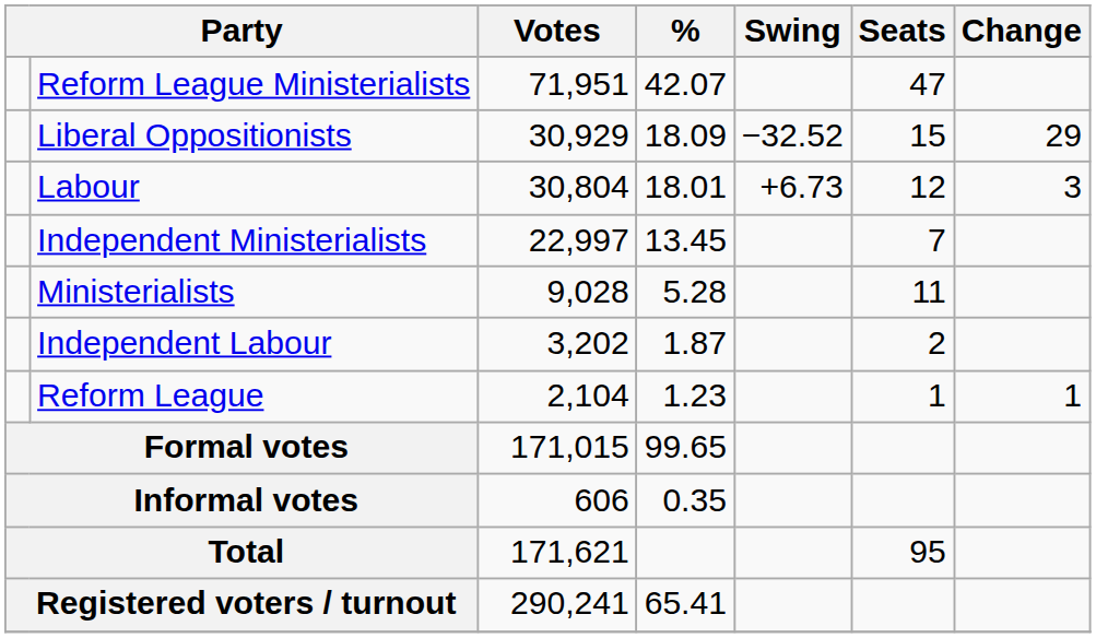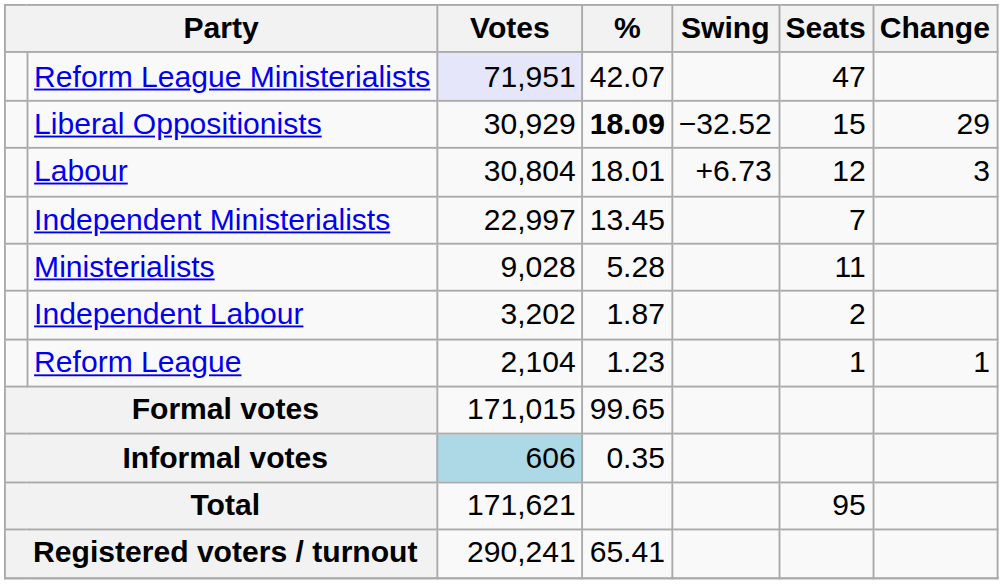 <table class="wikitable" style="text-align:right; margin-bottom:0">
 <tr>
 <th style="width:10px;" colspan=3>Party</th>
 <th style="width:70px;">Votes</th>
 <th style="width:40px;">%</th>
 <th style="width:40px;">Swing</th>
 <th style="width:40px;">Seats</th>
 <th style="width:40px;">Change</th>
 </tr>
 <tr>
 <td> </td>
 <td style="text-align:left;" colspan="2"><a href='#'>Reform League Ministerialists</a></td>
-<td style="width:70px;">71,951</td>
+<td style="background: lavender; width:70px;">71,951</td>
 <td style="width:40px;">42.07</td>
 <td style="width:45px;"></td>
 <td style="width:40px;">47</td>
 <td style="width:55px;"></td>
 </tr>
 <tr>
 <td> </td>
 <td style="text-align:left;" colspan="2"><a href='#'>Liberal Oppositionists</a></td>
 <td style="width:70px;">30,929</td>
-<td style="width:40px;">18.09</td>
+<td style="width:40px;"><strong>18.09</strong></td>
 <td style="width:45px;">−32.52</td>
 <td style="width:40px;">15</td>
 <td style="width:55px;"> 29</td>
 </tr>
 <tr>
 <td> </td>
 <td style="text-align:left;" colspan="2"><a href='#'>Labour</a></td>
 <td style="width:70px;">30,804</td>
 <td style="width:40px;">18.01</td>
 <td style="width:45px;">+6.73</td>
 <td style="width:40px;">12</td>
 <td style="width:55px;"> 3</td>
 </tr>
 <tr>
 <td> </td>
 <td style="text-align:left;" colspan="2"><a href='#'>Independent Ministerialists</a></td>
 <td>22,997</td>
 <td>13.45</td>
 <td></td>
 <td>7</td>
 <td></td>
 </tr>
 <tr>
 <td> </td>
 <td style="text-align:left;" colspan="2"><a href='#'>Ministerialists</a></td>
 <td>9,028</td>
 <td>5.28</td>
 <td></td>
 <td>11</td>
 <td></td>
 </tr>
 <tr>
 <td> </td>
 <td style="text-align:left;" colspan="2"><a href='#'>Independent Labour</a></td>
 <td>3,202</td>
 <td>1.87</td>
 <td></td>
 <td>2</td>
 <td></td>
 </tr>
 <tr>
 <td> </td>
 <td style="text-align:left;" colspan="2"><a href='#'>Reform League</a></td>
 <td style="width:70px;">2,104</td>
 <td style="width:40px;">1.23</td>
 <td style="width:45px;"></td>
 <td style="width:40px;">1</td>
 <td style="width:55px;"> 1</td>
 </tr>
 <tr>
 <th colspan="3"> Formal votes</th>
 <td>171,015</td>
 <td>99.65</td>
 <td></td>
 <td></td>
 <td></td>
 </tr>
 <tr>
 <th colspan="3"> Informal votes</th>
-<td>606</td>
+<td style="background: lightblue;">606</td>
 <td>0.35</td>
 <td></td>
 <td></td>
 <td></td>
 </tr>
 <tr>
 <th colspan="3"> Total</th>
 <td>171,621</td>
 <td></td>
 <td></td>
 <td>95</td>
 <td></td>
 </tr>
 <tr>
 <th colspan="3"> Registered voters / turnout</th>
 <td>290,241</td>
 <td>65.41</td>
 <td></td>
 <td></td>
 <td></td>
 </tr>
 <tr>
 </tr>
 </table>
